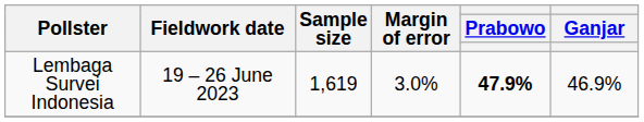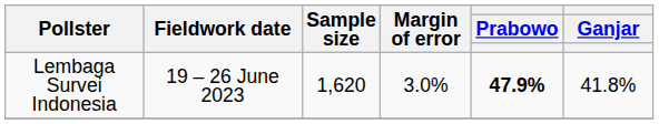 <table class="wikitable" style="text-align:center; font-size:90%; line-height:14px;">
 <tr bgcolor=lightgray>
 <th style="width:95px;" rowspan="3">Pollster</th>
 <th style="width:110px;" rowspan="3">Fieldwork date</th>
 <th style="width:35px;" rowspan="3">Sample size</th>
 <th rowspan="3" style="width:60px;">Margin of error</th>
 <th style="width:60px;"></th>
 <th style="width:60px;"></th>
 </tr>
 <tr>
 <th><a href='#'>Prabowo</a> <br></th>
 <th><a href='#'>Ganjar</a> <br></th>
 </tr>
 <tr>
 <th class="unsortable" style="color:inherit;background:"></th>
 <th class="unsortable" style="color:inherit;background:"></th>
 </tr>
 <tr>
 <td>Lembaga Survei Indonesia</td>
 <td>19 – 26 June 2023</td>
-<td>1,619</td>
+<td>1,620</td>
 <td>3.0%</td>
 <td style="background-color:#"><strong>47.9%</strong></td>
-<td>46.9%</td>
+<td>41.8%</td>
 </tr>
 <tr>
 </tr>
 </table>
